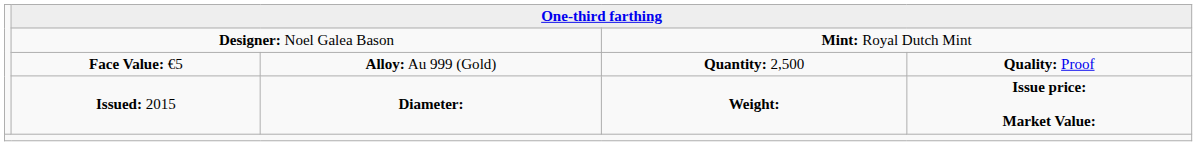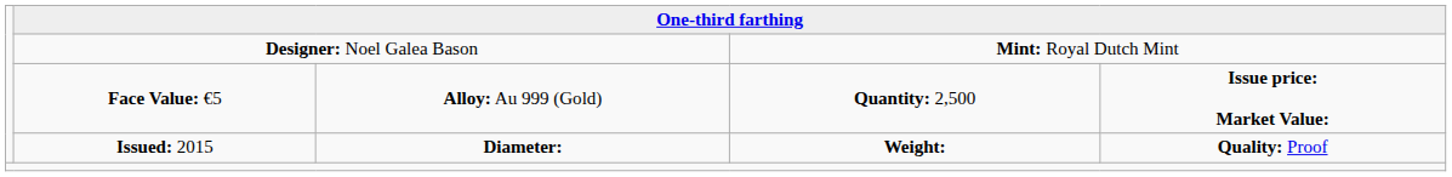 <table class="wikitable" width=100%>
 <tr>
 <td rowspan=4 width="330px" nowrap align=center></td>
 <th colspan="4" align=center style="background:#eeeeee;"><a href='#'>One-third farthing</a></th>
 </tr>
 <tr>
 <td colspan="2" width="50%" align=center><strong>Designer:</strong> Noel Galea Bason</td>
 <td colspan="2" width="50%" align=center><strong>Mint:</strong> Royal Dutch Mint</td>
 </tr>
 <tr>
 <td align=center><strong>Face Value:</strong> €5</td>
 <td align=center><strong>Alloy:</strong> Au 999 (Gold)</td>
 <td align=center><strong>Quantity:</strong> 2,500</td>
-<td align=center><strong>Quality:</strong> <a href='#'>Proof</a></td>
+<td align=center><strong>Issue price:</strong><br><br> <strong>Market Value:</strong></td>
 </tr>
 <tr>
 <td align=center><strong>Issued:</strong> 2015</td>
 <td align=center><strong>Diameter:</strong> </td>
 <td align=center><strong>Weight:</strong> </td>
-<td align=center><strong>Issue price:</strong><br><br> <strong>Market Value:</strong></td>
+<td align=center><strong>Quality:</strong> <a href='#'>Proof</a></td>
 </tr>
 <tr>
 <td colspan="5" align=left></td>
 </tr>
 </table>
